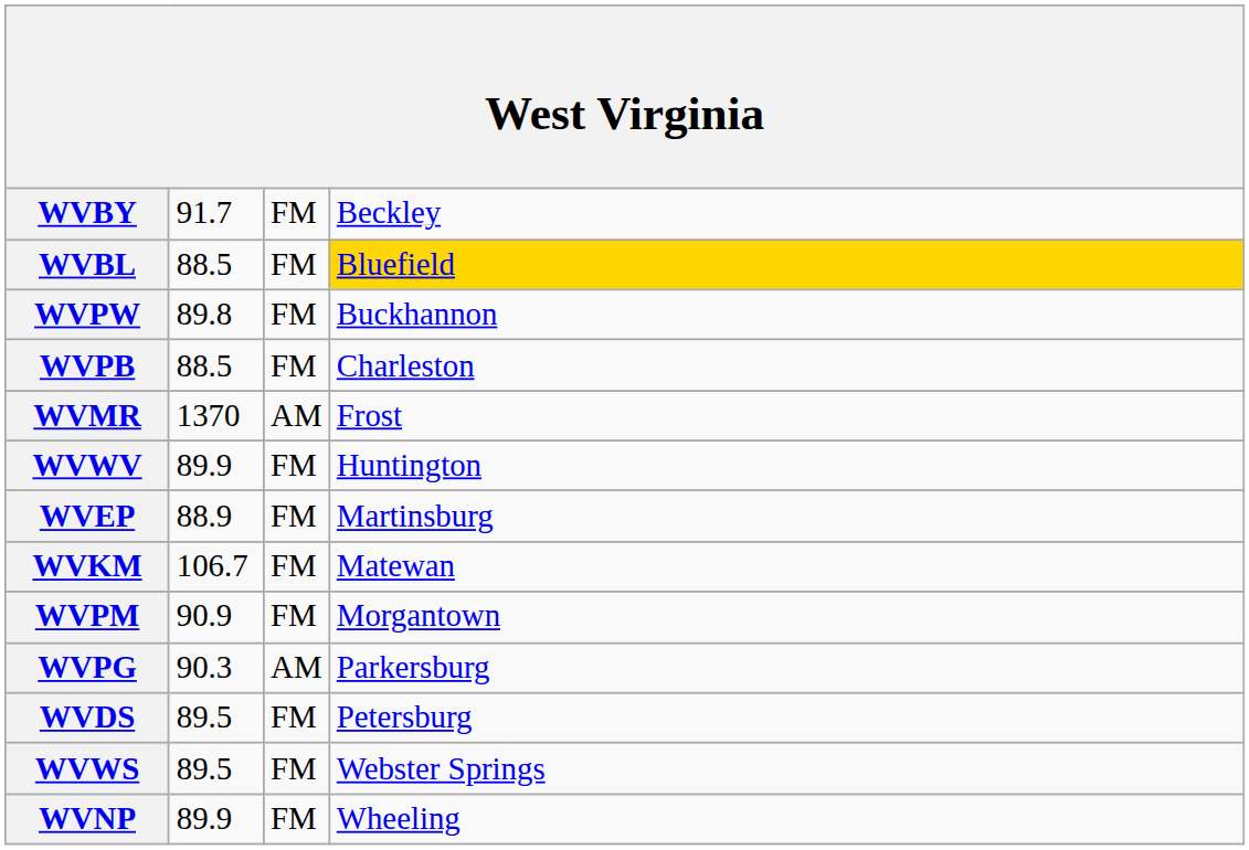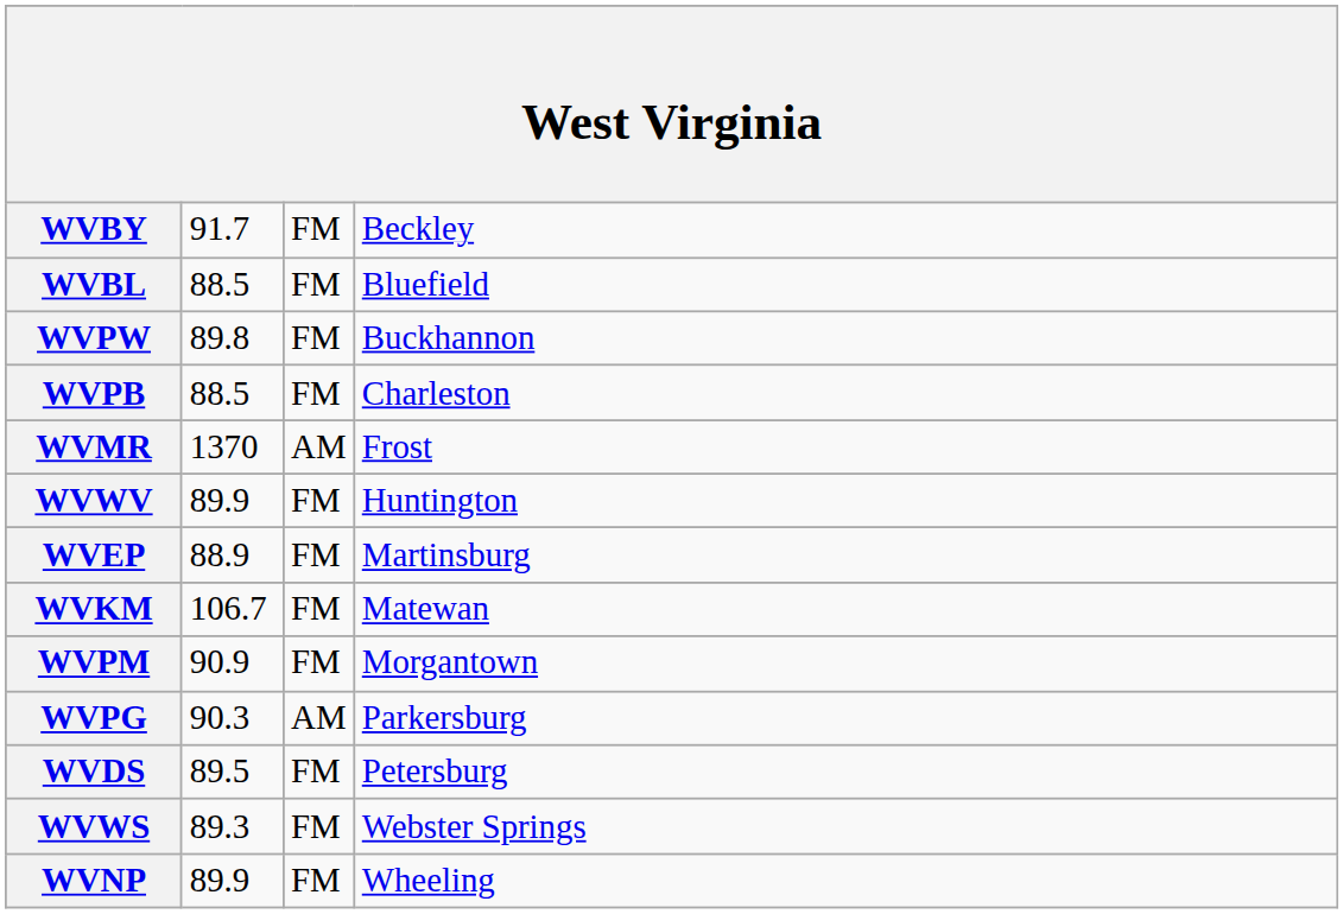 <table class="wikitable mw-collapsible" style="width:100%">
 <tr>
 <th scope="col" colspan="4"><br><h2>West Virginia</h2></th>
 </tr>
 <tr>
 <th scope="row" style="width: 75px;"><a href='#'>WVBY</a></th>
 <td style="width: 40px;">91.7</td>
 <td style="width: 21px;">FM</td>
 <td><a href='#'>Beckley</a></td>
 </tr>
 <tr>
 <th scope="row"><a href='#'>WVBL</a></th>
 <td>88.5</td>
 <td>FM</td>
-<td style="background: gold;"><a href='#'>Bluefield</a></td>
+<td><a href='#'>Bluefield</a></td>
 </tr>
 <tr>
 <th scope="row"><a href='#'>WVPW</a></th>
 <td>89.8</td>
 <td>FM</td>
 <td><a href='#'>Buckhannon</a></td>
 </tr>
 <tr>
 <th scope="row"><a href='#'>WVPB</a></th>
 <td>88.5</td>
 <td>FM</td>
 <td><a href='#'>Charleston</a></td>
 </tr>
 <tr>
 <th scope="row"><a href='#'>WVMR</a></th>
 <td>1370</td>
 <td>AM</td>
 <td><a href='#'>Frost</a></td>
 </tr>
 <tr>
 <th scope="row"><a href='#'>WVWV</a></th>
 <td>89.9</td>
 <td>FM</td>
 <td><a href='#'>Huntington</a></td>
 </tr>
 <tr>
 <th scope="row"><a href='#'>WVEP</a></th>
 <td>88.9</td>
 <td>FM</td>
 <td><a href='#'>Martinsburg</a></td>
 </tr>
 <tr>
 <th scope="row"><a href='#'>WVKM</a></th>
 <td>106.7</td>
 <td>FM</td>
 <td><a href='#'>Matewan</a></td>
 </tr>
 <tr>
 <th scope="row"><a href='#'>WVPM</a></th>
 <td>90.9</td>
 <td>FM</td>
 <td><a href='#'>Morgantown</a></td>
 </tr>
 <tr>
 <th scope="row"><a href='#'>WVPG</a></th>
 <td>90.3</td>
 <td>AM</td>
 <td><a href='#'>Parkersburg</a></td>
 </tr>
 <tr>
 <th scope="row"><a href='#'>WVDS</a></th>
 <td>89.5</td>
 <td>FM</td>
 <td><a href='#'>Petersburg</a></td>
 </tr>
 <tr>
 <th scope="row"><a href='#'>WVWS</a></th>
-<td>89.5</td>
+<td>89.3</td>
 <td>FM</td>
 <td><a href='#'>Webster Springs</a></td>
 </tr>
 <tr>
 <th scope="row"><a href='#'>WVNP</a></th>
 <td>89.9</td>
 <td>FM</td>
 <td><a href='#'>Wheeling</a></td>
 </tr>
 </table>
